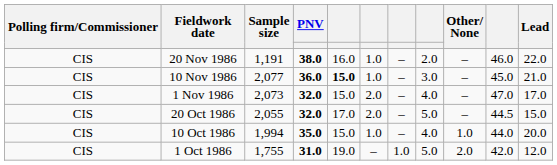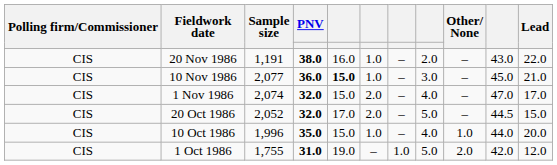 <table class="wikitable collapsible collapsed" style="text-align:center; font-size:90%; line-height:14px;">
 <tr style="height:42px;">
 <th style="width:250px;" rowspan="2">Polling firm/Commissioner</th>
 <th style="width:125px;" rowspan="2">Fieldwork date</th>
 <th style="width:50px;" rowspan="2">Sample size</th>
 <th style="width:35px;"><a href='#'>PNV</a></th>
 <th style="width:35px;"></th>
 <th style="width:35px;"></th>
 <th style="width:35px;"></th>
 <th style="width:35px;"></th>
 <th style="width:35px;" rowspan="2">Other/<br>None</th>
 <th style="width:35px;" rowspan="2"></th>
 <th style="width:30px;" rowspan="2">Lead</th>
 </tr>
 <tr>
 <th style="color:inherit;background:"></th>
 <th style="color:inherit;background:"></th>
 <th style="color:inherit;background:"></th>
 <th style="color:inherit;background:"></th>
 <th style="color:inherit;background:"></th>
 </tr>
 <tr>
 <td>CIS</td>
 <td>20 Nov 1986</td>
 <td>1,191</td>
 <td><strong>38.0</strong></td>
 <td>16.0</td>
 <td>1.0</td>
 <td>–</td>
 <td>2.0</td>
 <td>–</td>
-<td>46.0</td>
+<td>43.0</td>
 <td style="background:">22.0</td>
 </tr>
 <tr>
 <td>CIS</td>
 <td>10 Nov 1986</td>
 <td>2,077</td>
 <td><strong>36.0</strong></td>
 <td><strong>15.0</strong></td>
 <td>1.0</td>
 <td>–</td>
 <td>3.0</td>
 <td>–</td>
 <td>45.0</td>
 <td style="background:">21.0</td>
 </tr>
 <tr>
 <td>CIS</td>
 <td>1 Nov 1986</td>
-<td>2,073</td>
+<td>2,074</td>
 <td><strong>32.0</strong></td>
 <td>15.0</td>
 <td>2.0</td>
 <td>–</td>
 <td>4.0</td>
 <td>–</td>
 <td>47.0</td>
 <td style="background:">17.0</td>
 </tr>
 <tr>
 <td>CIS</td>
 <td>20 Oct 1986</td>
-<td>2,055</td>
+<td>2,052</td>
 <td><strong>32.0</strong></td>
 <td>17.0</td>
 <td>2.0</td>
 <td>–</td>
 <td>5.0</td>
 <td>–</td>
 <td>44.5</td>
 <td style="background:">15.0</td>
 </tr>
 <tr>
 <td>CIS</td>
 <td>10 Oct 1986</td>
-<td>1,994</td>
+<td>1,996</td>
 <td><strong>35.0</strong></td>
 <td>15.0</td>
 <td>1.0</td>
 <td>–</td>
 <td>4.0</td>
 <td>1.0</td>
 <td>44.0</td>
 <td style="background:">20.0</td>
 </tr>
 <tr>
 <td>CIS</td>
 <td>1 Oct 1986</td>
 <td>1,755</td>
 <td><strong>31.0</strong></td>
 <td>19.0</td>
 <td>–</td>
 <td>1.0</td>
 <td>5.0</td>
 <td>2.0</td>
 <td>42.0</td>
 <td style="background:">12.0</td>
 </tr>
 </table>
